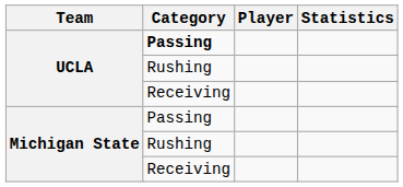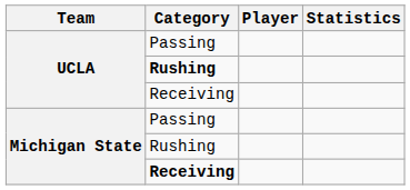 <table class="wikitable" style="float:right">
 <tr>
 <th>Team</th>
 <th>Category</th>
 <th>Player</th>
 <th>Statistics</th>
 </tr>
 <tr>
 <th rowspan=3>UCLA</th>
-<td><strong>Passing</strong></td>
+<td>Passing</td>
 <td></td>
 <td></td>
 </tr>
 <tr>
-<td>Rushing</td>
+<td><strong>Rushing</strong></td>
 <td></td>
 <td></td>
 </tr>
 <tr>
 <td>Receiving</td>
 <td></td>
 <td></td>
 </tr>
 <tr>
 <th rowspan=3>Michigan State</th>
 <td>Passing</td>
 <td></td>
 <td></td>
 </tr>
 <tr>
 <td>Rushing</td>
 <td></td>
 <td></td>
 </tr>
 <tr>
-<td>Receiving</td>
+<td><strong>Receiving</strong></td>
 <td></td>
 <td></td>
 </tr>
 </table>
